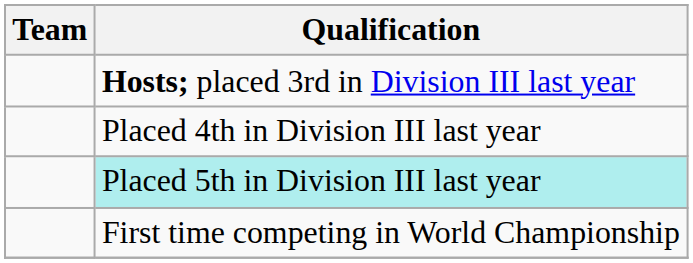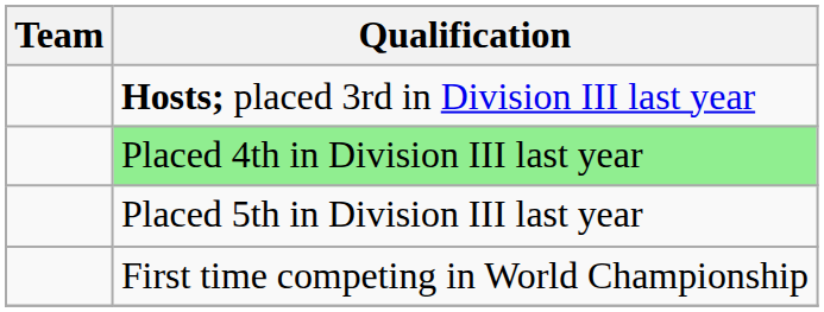 <table class="wikitable">
 <tr>
 <th>Team</th>
 <th>Qualification</th>
 </tr>
 <tr>
 <td></td>
 <td><strong>Hosts;</strong> placed 3rd in <a href='#'>Division III last year</a></td>
 </tr>
 <tr>
 <td></td>
-<td>Placed 4th in Division III last year</td>
+<td style="background: lightgreen;">Placed 4th in Division III last year</td>
 </tr>
 <tr>
 <td></td>
-<td style="background: paleturquoise;">Placed 5th in Division III last year</td>
+<td>Placed 5th in Division III last year</td>
 </tr>
 <tr>
 <td></td>
 <td>First time competing in World Championship</td>
 </tr>
 <tr>
 </tr>
 </table>
